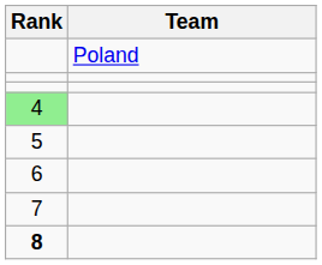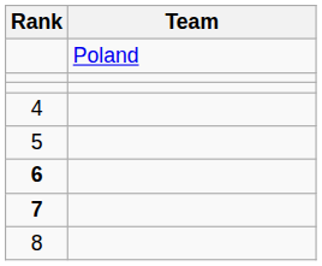 <table class="wikitable" style="text-align: center;">
 <tr>
 <th width=40>Rank</th>
 <th width=180>Team</th>
 </tr>
 <tr>
 <td></td>
 <td align=left> <a href='#'>Poland</a></td>
 </tr>
 <tr>
 <td></td>
 <td align=left></td>
 </tr>
 <tr>
 <td></td>
 <td align=left></td>
 </tr>
 <tr>
-<td style="background: lightgreen;">4</td>
+<td>4</td>
 <td align=left></td>
 </tr>
 <tr>
 <td>5</td>
 <td align=left></td>
 </tr>
 <tr>
-<td>6</td>
+<td><strong>6</strong></td>
 <td align=left></td>
 </tr>
 <tr>
-<td>7</td>
+<td><strong>7</strong></td>
 <td align=left></td>
 </tr>
 <tr>
-<td><strong>8</strong></td>
+<td>8</td>
 <td align=left></td>
 </tr>
 </table>
